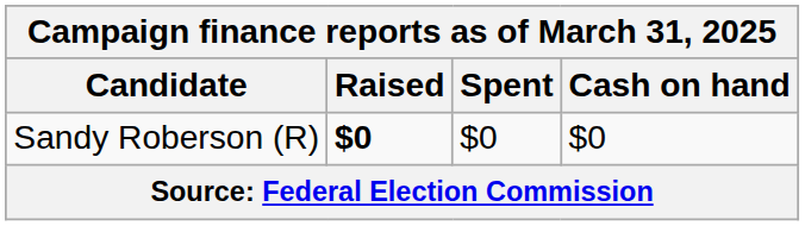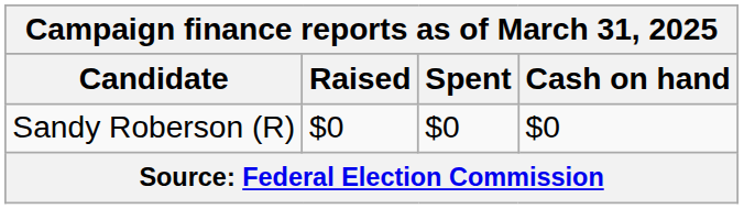 <table class="wikitable sortable">
 <tr>
 <th colspan=4>Campaign finance reports as of March 31, 2025</th>
 </tr>
 <tr style="text-align:center;">
 <th>Candidate</th>
 <th>Raised</th>
 <th>Spent</th>
 <th>Cash on hand</th>
 </tr>
 <tr>
 <td>Sandy Roberson (R)</td>
-<td><strong>$0</strong></td>
+<td>$0</td>
 <td>$0</td>
 <td>$0</td>
 </tr>
 <tr>
 <th colspan="4"><small>Source: <a href='#'>Federal Election Commission</a></small></th>
 </tr>
 </table>
